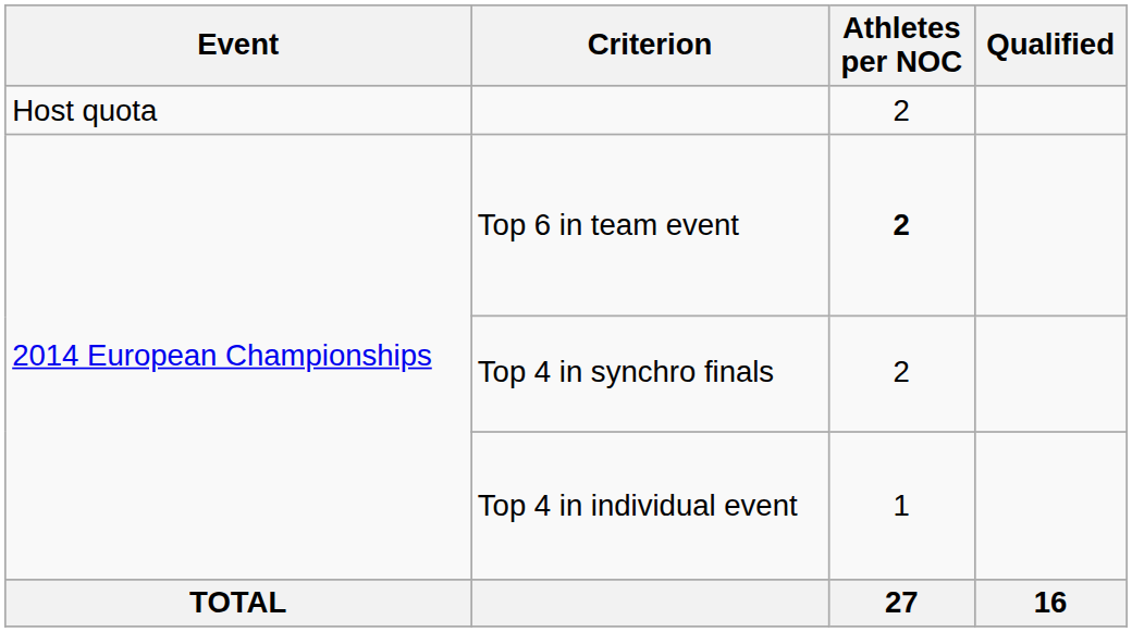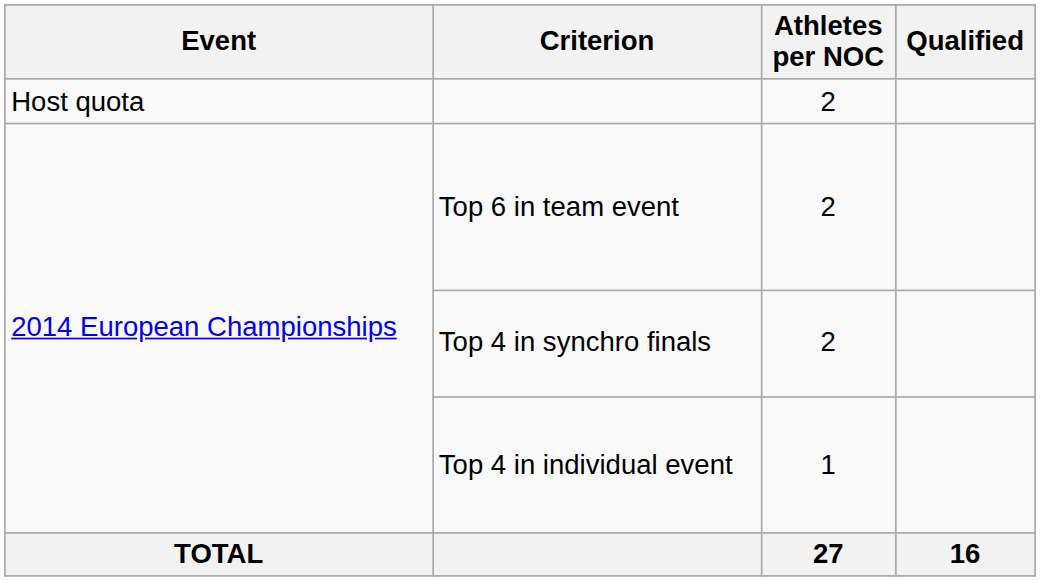 <table class="wikitable" width=600>
 <tr>
 <th>Event</th>
 <th>Criterion</th>
 <th>Athletes<br>per NOC</th>
 <th>Qualified</th>
 </tr>
 <tr>
 <td>Host quota</td>
 <td></td>
 <td align=center>2</td>
 <td></td>
 </tr>
 <tr>
 <td rowspan=3><a href='#'>2014 European Championships</a></td>
 <td>Top 6 in team event</td>
-<td align=center><strong>2</strong></td>
+<td align=center>2</td>
 <td><br><br><br><br><br></td>
 </tr>
 <tr>
 <td>Top 4 in synchro finals</td>
 <td align=center>2</td>
 <td><br><br><br></td>
 </tr>
 <tr>
 <td>Top 4 in individual event</td>
 <td align=center>1</td>
 <td><br><br><br><br></td>
 </tr>
 <tr>
 <th colspan="1">TOTAL</th>
 <th></th>
 <th>27</th>
 <th>16</th>
 </tr>
 </table>
